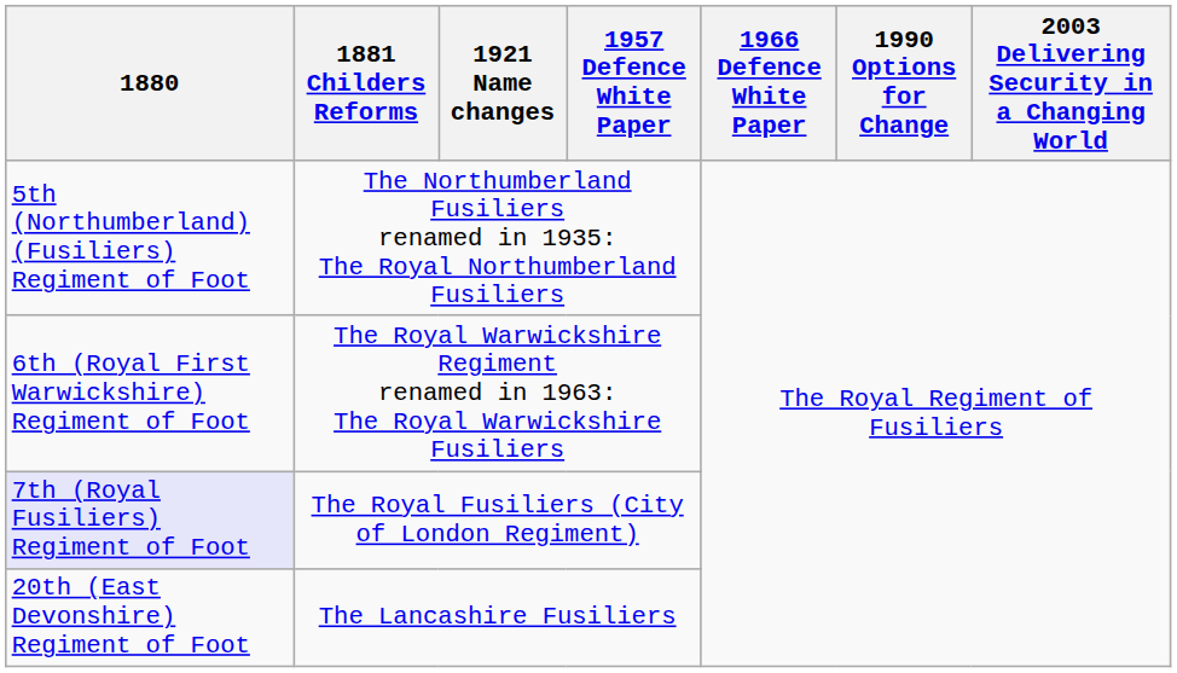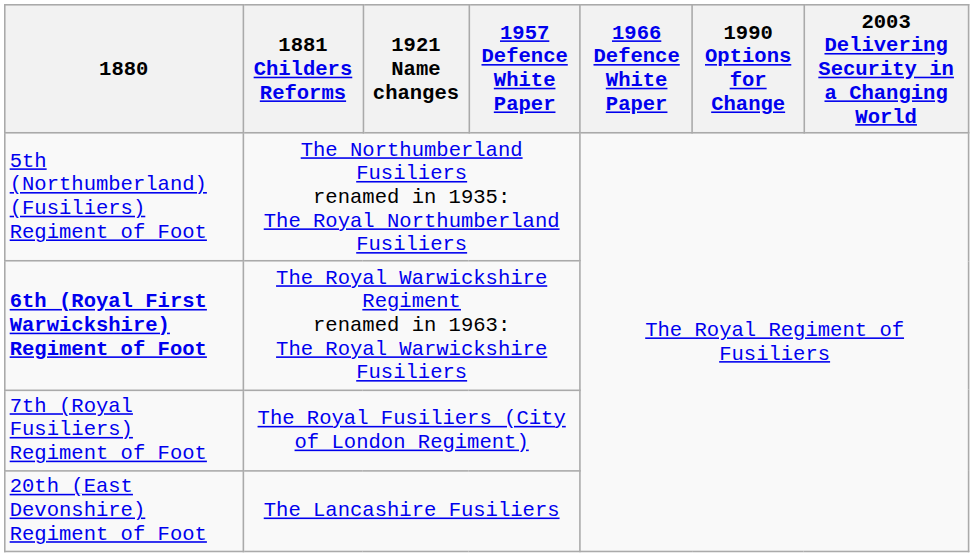 <table class="wikitable">
 <tr>
 <th>1880</th>
 <th>1881 <a href='#'>Childers Reforms</a></th>
 <th>1921 Name changes</th>
 <th><a href='#'>1957 Defence White Paper</a></th>
 <th><a href='#'>1966 Defence White Paper</a></th>
 <th>1990 <a href='#'>Options for Change</a></th>
 <th>2003 <a href='#'>Delivering Security in a Changing World</a></th>
 </tr>
 <tr>
 <td><a href='#'>5th (Northumberland) (Fusiliers) Regiment of Foot</a></td>
 <td colspan="3" style="text-align:center;"><a href='#'>The Northumberland Fusiliers</a><br>renamed in 1935:<br><a href='#'>The Royal Northumberland Fusiliers</a></td>
 <td rowspan="4" colspan="3" style="text-align: center;"><a href='#'>The Royal Regiment of Fusiliers</a></td>
 </tr>
 <tr>
-<td><a href='#'>6th (Royal First Warwickshire) Regiment of Foot</a></td>
+<td><strong><a href='#'>6th (Royal First Warwickshire) Regiment of Foot</a></strong></td>
 <td colspan="3" style="text-align:center;"><a href='#'>The Royal Warwickshire Regiment</a><br>renamed in 1963:<br><a href='#'>The Royal Warwickshire Fusiliers</a></td>
 </tr>
 <tr>
-<td style="background: lavender;"><a href='#'>7th (Royal Fusiliers) Regiment of Foot</a></td>
+<td><a href='#'>7th (Royal Fusiliers) Regiment of Foot</a></td>
 <td colspan="3" style="text-align:center;"><a href='#'>The Royal Fusiliers (City of London Regiment)</a></td>
 </tr>
 <tr>
 <td><a href='#'>20th (East Devonshire) Regiment of Foot</a></td>
 <td colspan="3" style="text-align:center;"><a href='#'>The Lancashire Fusiliers</a></td>
 </tr>
 </table>
